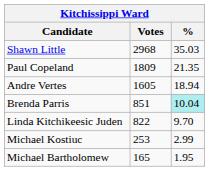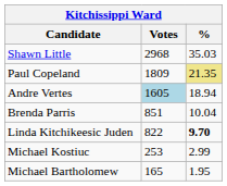 <table class="wikitable">
 <tr>
 <th colspan="3"><a href='#'>Kitchissippi Ward</a></th>
 </tr>
 <tr>
 <th style="width: 170px">Candidate</th>
 <th style="width: 50px">Votes</th>
 <th style="width: 40px">%</th>
 </tr>
 <tr>
 <td><a href='#'>Shawn Little</a></td>
 <td>2968</td>
 <td>35.03</td>
 </tr>
 <tr>
 <td>Paul Copeland</td>
 <td>1809</td>
-<td>21.35</td>
+<td style="background: khaki;">21.35</td>
 </tr>
 <tr>
 <td>Andre Vertes</td>
-<td>1605</td>
+<td style="background: lightblue;">1605</td>
 <td>18.94</td>
 </tr>
 <tr>
 <td>Brenda Parris</td>
 <td>851</td>
-<td style="background: paleturquoise;">10.04</td>
+<td>10.04</td>
 </tr>
 <tr>
 <td>Linda Kitchikeesic Juden</td>
 <td>822</td>
-<td>9.70</td>
+<td><strong>9.70</strong></td>
 </tr>
 <tr>
 <td>Michael Kostiuc</td>
 <td>253</td>
 <td>2.99</td>
 </tr>
 <tr>
 <td>Michael Bartholomew</td>
 <td>165</td>
 <td>1.95</td>
 </tr>
 </table>
